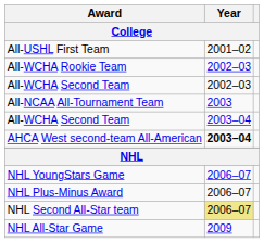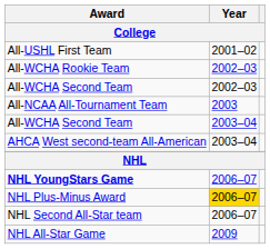 <table class="wikitable">
 <tr>
 <th>Award</th>
 <th>Year</th>
 <th></th>
 </tr>
 <tr>
 <th colspan="3"><a href='#'>College</a></th>
 </tr>
 <tr>
 <td>All-<a href='#'>USHL</a> First Team</td>
 <td>2001–02</td>
 <td></td>
 </tr>
 <tr>
 <td>All-<a href='#'>WCHA</a> <a href='#'>Rookie Team</a></td>
 <td><a href='#'>2002–03</a></td>
 <td></td>
 </tr>
 <tr>
 <td>All-<a href='#'>WCHA</a> <a href='#'>Second Team</a></td>
 <td>2002–03</td>
 <td></td>
 </tr>
 <tr>
 <td>All-<a href='#'>NCAA</a> <a href='#'>All-Tournament Team</a></td>
 <td><a href='#'>2003</a></td>
 <td></td>
 </tr>
 <tr>
 <td>All-<a href='#'>WCHA</a> <a href='#'>Second Team</a></td>
 <td><a href='#'>2003–04</a></td>
 <td></td>
 </tr>
 <tr>
 <td><a href='#'>AHCA</a> <a href='#'>West second-team All-American</a></td>
-<td><strong>2003–04</strong></td>
+<td>2003–04</td>
 <td></td>
 </tr>
 <tr>
 </tr>
 <tr>
 <th colspan="3"><a href='#'>NHL</a></th>
 </tr>
 <tr>
-<td><a href='#'>NHL YoungStars Game</a></td>
+<td><strong><a href='#'>NHL YoungStars Game</a></strong></td>
 <td><a href='#'>2006–07</a></td>
 <td></td>
 </tr>
 <tr>
 <td><a href='#'>NHL Plus-Minus Award</a></td>
-<td>2006–07</td>
+<td style="background: gold;">2006–07</td>
 <td></td>
 </tr>
 <tr>
 <td>NHL <a href='#'>Second All-Star team</a></td>
-<td style="background: khaki;">2006–07</td>
+<td>2006–07</td>
 <td></td>
 </tr>
 <tr>
 <td><a href='#'>NHL All-Star Game</a></td>
 <td><a href='#'>2009</a></td>
 <td></td>
 </tr>
 </table>
